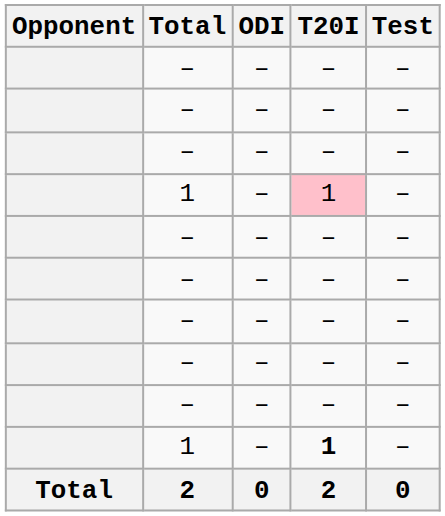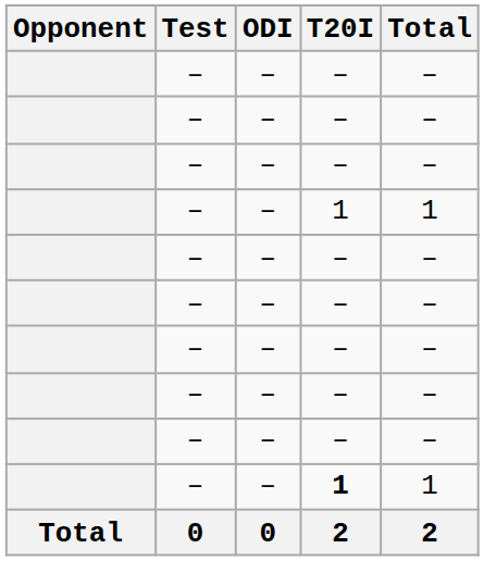 <table class="wikitable" style="text-align:center; margin-left:15px">
 <tr>
 <th>Opponent</th>
-<th>Total</th>
+<th>Test</th>
 <th>ODI</th>
 <th>T20I</th>
-<th>Test</th>
+<th>Total</th>
 </tr>
 <tr>
 <th style="text-align: left"></th>
 <td>–</td>
 <td>–</td>
 <td>–</td>
 <td>–</td>
 </tr>
 <tr>
 <th style="text-align: left"></th>
 <td>–</td>
 <td>–</td>
 <td>–</td>
 <td>–</td>
 </tr>
 <tr>
 <th style="text-align: left"></th>
 <td>–</td>
 <td>–</td>
 <td>–</td>
 <td>–</td>
 </tr>
 <tr>
 <th style="text-align: left"></th>
+<td>–</td>
+<td>–</td>
 <td>1</td>
-<td>–</td>
-<td style="background: pink;">1</td>
-<td>–</td>
+<td>1</td>
 </tr>
 <tr>
 <th style="text-align: left"></th>
 <td>–</td>
 <td>–</td>
 <td>–</td>
 <td>–</td>
 </tr>
 <tr>
 <th style="text-align: left"></th>
 <td>–</td>
 <td>–</td>
 <td>–</td>
 <td>–</td>
 </tr>
 <tr>
 <th style="text-align: left"></th>
 <td>–</td>
 <td>–</td>
 <td>–</td>
 <td>–</td>
 </tr>
 <tr>
 <th style="text-align: left"></th>
 <td>–</td>
 <td>–</td>
 <td>–</td>
 <td>–</td>
 </tr>
 <tr>
 <th style="text-align: left"></th>
 <td>–</td>
 <td>–</td>
 <td>–</td>
 <td>–</td>
 </tr>
 <tr>
 <th style="text-align: left"></th>
-<td>1</td>
+<td>–</td>
 <td>–</td>
 <td><strong>1</strong></td>
-<td>–</td>
+<td>1</td>
 </tr>
 <tr>
 <th>Total</th>
-<th>2</th>
+<th>0</th>
 <th>0</th>
 <th>2</th>
-<th>0</th>
+<th>2</th>
 </tr>
 </table>
